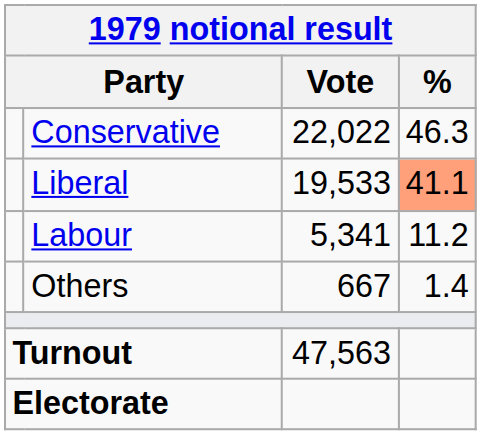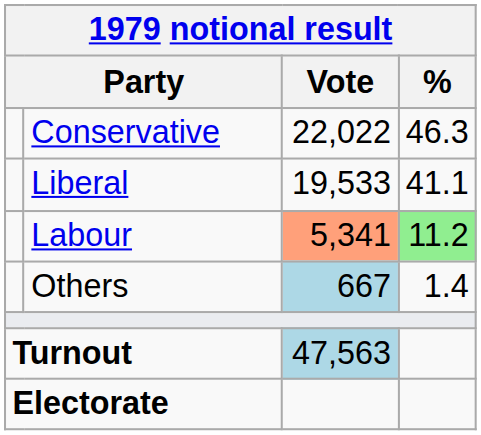 <table class="wikitable">
 <tr>
 <th colspan="4"><a href='#'>1979</a> <a href='#'>notional result</a></th>
 </tr>
 <tr>
 <th bgcolor="#DDDDFF" width="130px" colspan="2">Party</th>
 <th bgcolor="#DDDDFF" width="50px">Vote</th>
 <th bgcolor="#DDDDFF" width="30px">%</th>
 </tr>
 <tr>
 <td></td>
 <td><a href='#'>Conservative</a></td>
 <td align=right>22,022</td>
 <td align=right>46.3</td>
 </tr>
 <tr>
 <td></td>
 <td><a href='#'>Liberal</a></td>
 <td align=right>19,533</td>
-<td align=right style="background: lightsalmon;">41.1</td>
+<td align=right>41.1</td>
 </tr>
 <tr>
 <td></td>
 <td><a href='#'>Labour</a></td>
-<td align=right>5,341</td>
-<td align=right>11.2</td>
+<td align=right style="background: lightsalmon;">5,341</td>
+<td align=right style="background: lightgreen;">11.2</td>
 </tr>
 <tr>
 <td></td>
 <td>Others</td>
-<td align=right>667</td>
+<td align=right style="background: lightblue;">667</td>
 <td align=right>1.4</td>
 </tr>
 <tr>
 <td colspan="4" bgcolor="#EAECF0"></td>
 </tr>
 <tr>
 <td colspan="2"><strong>Turnout</strong></td>
-<td align=right>47,563</td>
+<td align=right style="background: lightblue;">47,563</td>
 <td align=right></td>
 </tr>
 <tr>
 <td colspan="2"><strong>Electorate</strong></td>
 <td align=right></td>
 </tr>
 </table>
